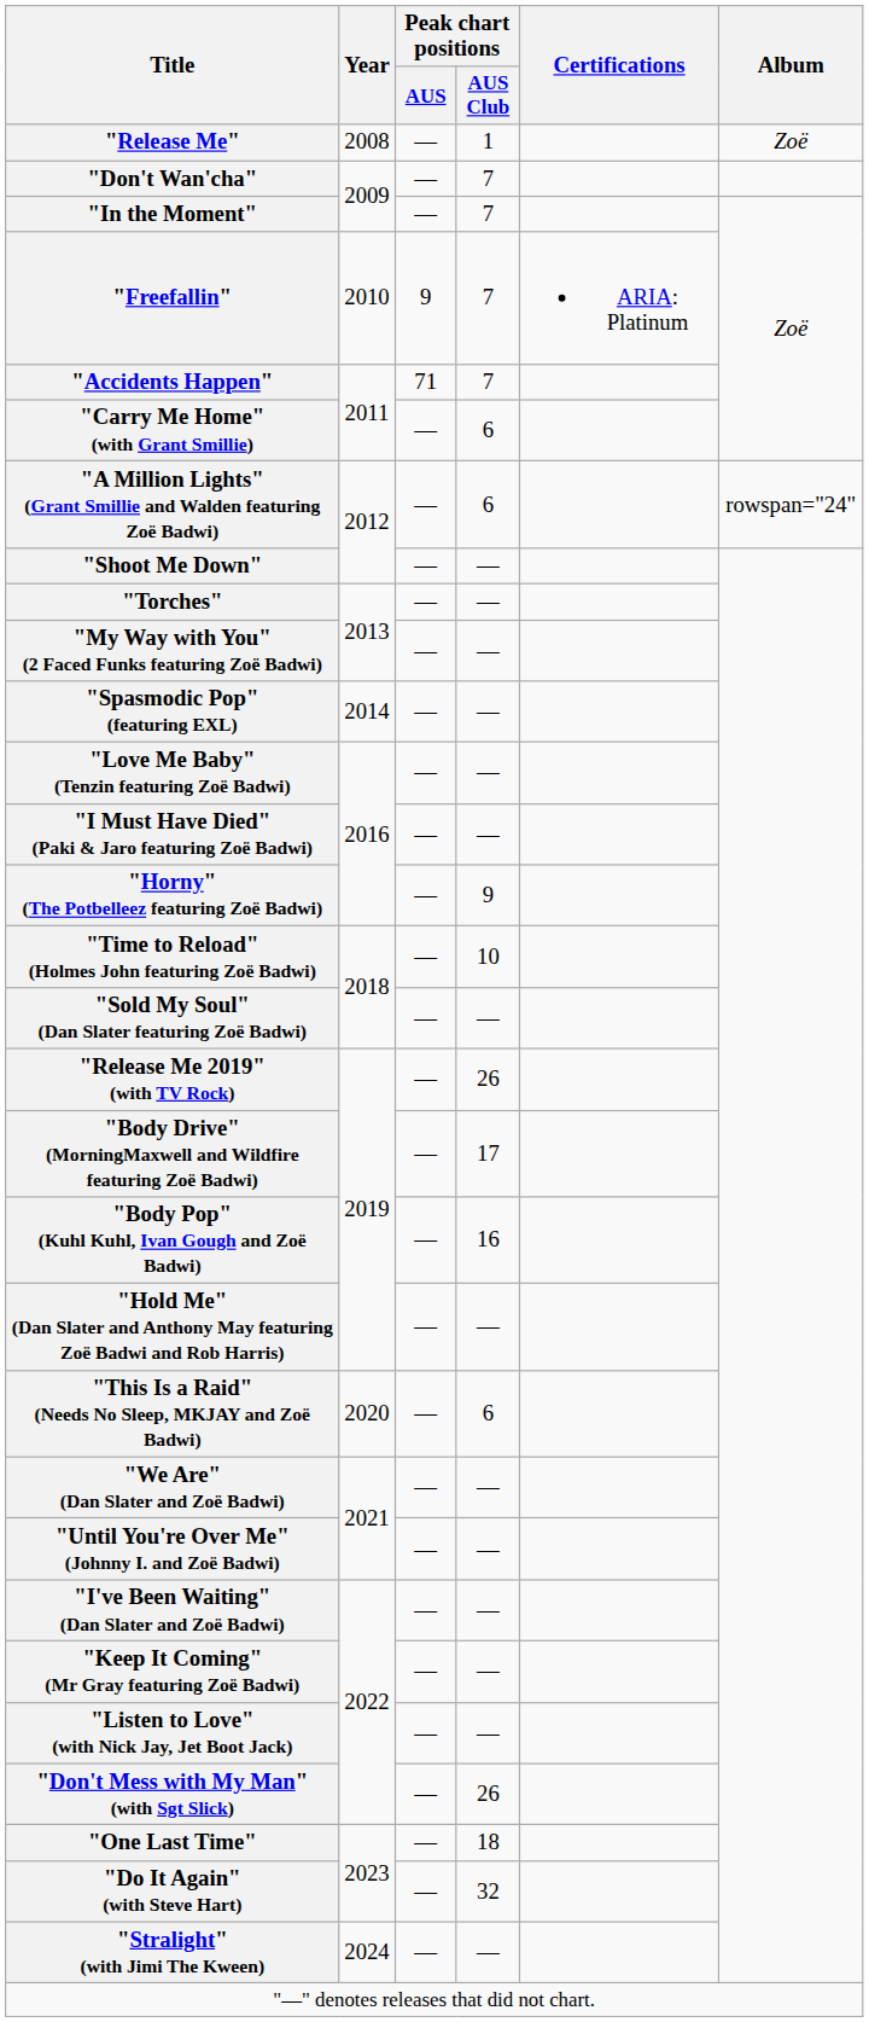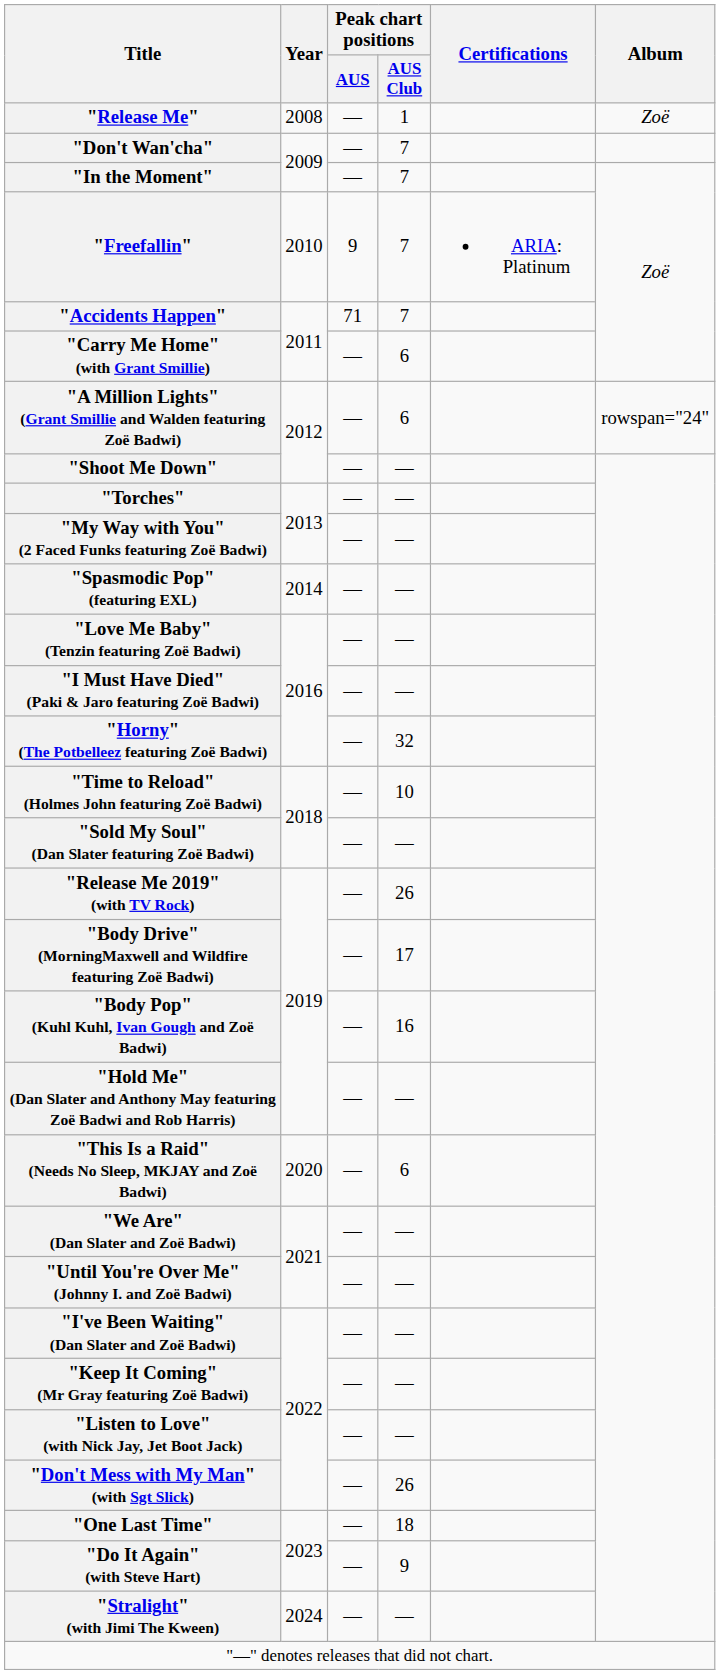 <table class="wikitable plainrowheaders" style=text-align:center;>
 <tr>
 <th scope="col" rowspan="2" style="width:20em;">Title</th>
 <th scope="col" rowspan="2">Year</th>
 <th scope="col" colspan="2">Peak chart positions</th>
 <th scope="col" rowspan="2" style="width:10em;"><a href='#'>Certifications</a></th>
 <th scope="col" rowspan="2" style="width:6em;">Album</th>
 </tr>
 <tr>
 <th scope="col" style="width:3em;font-size:90%;"><a href='#'>AUS</a><br></th>
 <th scope="col" style="width:3em;font-size:90%;"><a href='#'>AUS<br>Club</a><br></th>
 </tr>
 <tr>
 <th scope="row">"<a href='#'>Release Me</a>"</th>
 <td>2008</td>
 <td>—</td>
 <td>1</td>
 <td></td>
 <td><em>Zoë</em></td>
 </tr>
 <tr>
 <th scope="row">"Don't Wan'cha"</th>
 <td rowspan="2">2009</td>
 <td>—</td>
 <td>7</td>
 <td></td>
 <td></td>
 </tr>
 <tr>
 <th scope="row">"In the Moment"</th>
 <td>—</td>
 <td>7</td>
 <td></td>
 <td rowspan="4"><em>Zoë</em></td>
 </tr>
 <tr>
 <th scope="row">"<a href='#'>Freefallin</a>"</th>
 <td>2010</td>
 <td>9</td>
 <td>7</td>
 <td><br><ul><li><a href='#'>ARIA</a>: Platinum</li></ul></td>
 </tr>
 <tr>
 <th scope="row">"<a href='#'>Accidents Happen</a>"</th>
 <td rowspan="2">2011</td>
 <td>71</td>
 <td>7</td>
 <td></td>
 </tr>
 <tr>
 <th scope="row">"Carry Me Home"<br><small>(with <a href='#'>Grant Smillie</a>)</small></th>
 <td>—</td>
 <td>6</td>
 <td></td>
 </tr>
 <tr>
 <th scope="row">"A Million Lights"<br><small>(<a href='#'>Grant Smillie</a> and Walden featuring Zoë Badwi)</small></th>
 <td rowspan="2">2012</td>
 <td>—</td>
 <td>6</td>
 <td></td>
 <td>rowspan="24" </td>
 </tr>
 <tr>
 <th scope="row">"Shoot Me Down"</th>
 <td>—</td>
 <td>—</td>
 <td></td>
 </tr>
 <tr>
 <th scope="row">"Torches"</th>
 <td rowspan="2">2013</td>
 <td>—</td>
 <td>—</td>
 <td></td>
 </tr>
 <tr>
 <th scope="row">"My Way with You"<br><small>(2 Faced Funks featuring Zoë Badwi)</small></th>
 <td>—</td>
 <td>—</td>
 <td></td>
 </tr>
 <tr>
 <th scope="row">"Spasmodic Pop"<br><small>(featuring EXL)</small></th>
 <td>2014</td>
 <td>—</td>
 <td>—</td>
 <td></td>
 </tr>
 <tr>
 <th scope="row">"Love Me Baby"<br><small>(Tenzin featuring Zoë Badwi)</small></th>
 <td rowspan="3">2016</td>
 <td>—</td>
 <td>—</td>
 <td></td>
 </tr>
 <tr>
 <th scope="row">"I Must Have Died"<br><small>(Paki & Jaro featuring Zoë Badwi)</small></th>
 <td>—</td>
 <td>—</td>
 <td></td>
 </tr>
 <tr>
 <th scope="row">"<a href='#'>Horny</a>"<br><small>(<a href='#'>The Potbelleez</a> featuring Zoë Badwi)</small></th>
 <td>—</td>
-<td>9</td>
+<td>32</td>
 <td></td>
 </tr>
 <tr>
 <th scope="row">"Time to Reload"<br><small>(Holmes John featuring Zoë Badwi)</small></th>
 <td rowspan="2">2018</td>
 <td>—</td>
 <td>10</td>
 <td></td>
 </tr>
 <tr>
 <th scope="row">"Sold My Soul"<br><small>(Dan Slater featuring Zoë Badwi)</small></th>
 <td>—</td>
 <td>—</td>
 <td></td>
 </tr>
 <tr>
 <th scope="row">"Release Me 2019"<br><small>(with <a href='#'>TV Rock</a>)</small></th>
 <td rowspan="4">2019</td>
 <td>—</td>
 <td>26</td>
 <td></td>
 </tr>
 <tr>
 <th scope="row">"Body Drive"<br><small>(MorningMaxwell and Wildfire featuring Zoë Badwi)</small></th>
 <td>—</td>
 <td>17</td>
 <td></td>
 </tr>
 <tr>
 <th scope="row">"Body Pop"<br><small>(Kuhl Kuhl, <a href='#'>Ivan Gough</a> and Zoë Badwi)</small></th>
 <td>—</td>
 <td>16</td>
 <td></td>
 </tr>
 <tr>
 <th scope="row">"Hold Me"<br><small>(Dan Slater and Anthony May featuring Zoë Badwi and Rob Harris)</small></th>
 <td>—</td>
 <td>—</td>
 <td></td>
 </tr>
 <tr>
 <th scope="row">"This Is a Raid"<br><small>(Needs No Sleep, MKJAY and Zoë Badwi)</small></th>
 <td>2020</td>
 <td>—</td>
 <td>6</td>
 <td></td>
 </tr>
 <tr>
 <th scope="row">"We Are"<br><small>(Dan Slater and Zoë Badwi)</small></th>
 <td rowspan="2">2021</td>
 <td>—</td>
 <td>—</td>
 <td></td>
 </tr>
 <tr>
 <th scope="row">"Until You're Over Me"<br><small>(Johnny I. and Zoë Badwi)</small></th>
 <td>—</td>
 <td>—</td>
 <td></td>
 </tr>
 <tr>
 <th scope="row">"I've Been Waiting"<br><small>(Dan Slater and Zoë Badwi)</small></th>
 <td rowspan="4">2022</td>
 <td>—</td>
 <td>—</td>
 <td></td>
 </tr>
 <tr>
 <th scope="row">"Keep It Coming"<br><small>(Mr Gray featuring Zoë Badwi)</small></th>
 <td>—</td>
 <td>—</td>
 <td></td>
 </tr>
 <tr>
 <th scope="row">"Listen to Love"<br><small>(with Nick Jay, Jet Boot Jack) </small></th>
 <td>—</td>
 <td>—</td>
 <td></td>
 </tr>
 <tr>
 <th scope="row">"<a href='#'>Don't Mess with My Man</a>"<br><small>(with <a href='#'>Sgt Slick</a>)</small></th>
 <td>—</td>
 <td>26</td>
 <td></td>
 </tr>
 <tr>
 <th scope="row">"One Last Time"</th>
 <td rowspan="2">2023</td>
 <td>—</td>
 <td>18</td>
 <td></td>
 </tr>
 <tr>
 <th scope="row">"Do It Again"<br><small>(with Steve Hart) </small></th>
 <td>—</td>
-<td>32</td>
+<td>9</td>
 <td></td>
 </tr>
 <tr>
 <th scope="row">"<a href='#'>Stralight</a>"<br><small>(with Jimi The Kween) </small></th>
 <td>2024</td>
 <td>—</td>
 <td>—</td>
 <td></td>
 </tr>
 <tr>
 <td align="center" colspan="7" style="font-size:90%">"—" denotes releases that did not chart.</td>
 </tr>
 </table>
